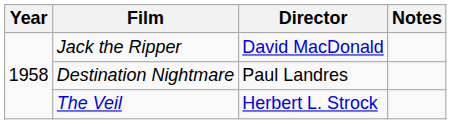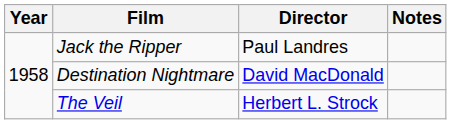 <table class="wikitable">
 <tr>
 <th>Year</th>
 <th>Film</th>
 <th>Director</th>
 <th>Notes</th>
 </tr>
 <tr>
 <td rowspan=3>1958</td>
 <td><em>Jack the Ripper</em></td>
-<td><a href='#'>David MacDonald</a></td>
+<td>Paul Landres</td>
 <td><small></small></td>
 </tr>
 <tr>
 <td><em>Destination Nightmare</em></td>
-<td>Paul Landres</td>
+<td><a href='#'>David MacDonald</a></td>
 <td></td>
 </tr>
 <tr>
 <td><em><a href='#'>The Veil</a></em></td>
 <td><a href='#'>Herbert L. Strock</a></td>
 <td></td>
 </tr>
 </table>
